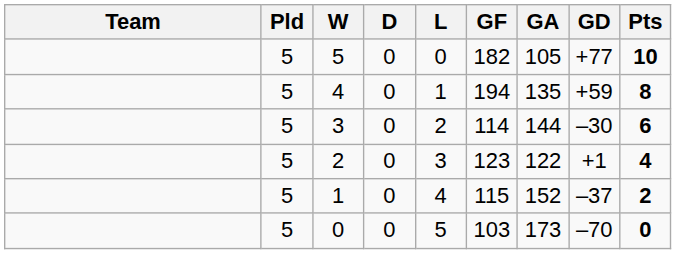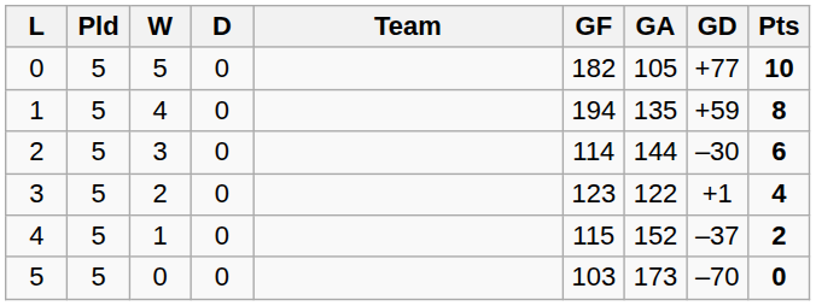 <table class="wikitable" style="text-align: center;">
 <tr>
-<th width="180">Team</th>
+<th width="30">L</th>
 <th width="30">Pld</th>
 <th width="30">W</th>
 <th width="30">D</th>
-<th width="30">L</th>
+<th width="180">Team</th>
 <th width="30">GF</th>
 <th width="30">GA</th>
 <th width="30">GD</th>
 <th width="30">Pts</th>
 </tr>
 <tr>
-<td align="left"></td>
+<td>0</td>
 <td>5</td>
 <td>5</td>
 <td>0</td>
-<td>0</td>
+<td align="left"></td>
 <td>182</td>
 <td>105</td>
 <td>+77</td>
 <td><strong>10</strong></td>
 </tr>
 <tr>
-<td align="left"></td>
+<td>1</td>
 <td>5</td>
 <td>4</td>
 <td>0</td>
-<td>1</td>
+<td align="left"></td>
 <td>194</td>
 <td>135</td>
 <td>+59</td>
 <td><strong>8</strong></td>
 </tr>
 <tr>
-<td align="left"></td>
+<td>2</td>
 <td>5</td>
 <td>3</td>
 <td>0</td>
-<td>2</td>
+<td align="left"></td>
 <td>114</td>
 <td>144</td>
 <td>–30</td>
 <td><strong>6</strong></td>
 </tr>
 <tr>
-<td align="left"></td>
+<td>3</td>
 <td>5</td>
 <td>2</td>
 <td>0</td>
-<td>3</td>
+<td align="left"></td>
 <td>123</td>
 <td>122</td>
 <td>+1</td>
 <td><strong>4</strong></td>
 </tr>
 <tr>
-<td align="left"></td>
+<td>4</td>
 <td>5</td>
 <td>1</td>
 <td>0</td>
-<td>4</td>
+<td align="left"></td>
 <td>115</td>
 <td>152</td>
 <td>–37</td>
 <td><strong>2</strong></td>
 </tr>
 <tr>
-<td align="left"></td>
+<td>5</td>
 <td>5</td>
 <td>0</td>
 <td>0</td>
-<td>5</td>
+<td align="left"></td>
 <td>103</td>
 <td>173</td>
 <td>–70</td>
 <td><strong>0</strong></td>
 </tr>
 </table>
